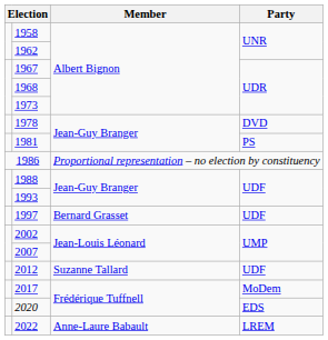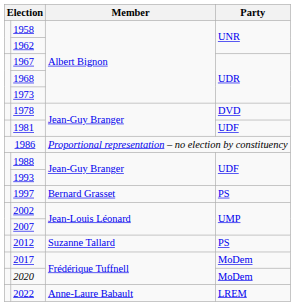 <table class="wikitable">
 <tr>
 <th colspan="2">Election</th>
 <th>Member</th>
 <th>Party</th>
 </tr>
 <tr>
 <td rowspan="2" style="color:inherit;background-color: "></td>
 <td><a href='#'>1958</a></td>
 <td rowspan="5"><a href='#'>Albert Bignon</a></td>
 <td rowspan="2"><a href='#'>UNR</a></td>
 </tr>
 <tr>
 <td><a href='#'>1962</a></td>
 </tr>
 <tr>
 <td rowspan="3" style="color:inherit;background-color: "></td>
 <td><a href='#'>1967</a></td>
 <td rowspan="3"><a href='#'>UDR</a></td>
 </tr>
 <tr>
 <td><a href='#'>1968</a></td>
 </tr>
 <tr>
 <td><a href='#'>1973</a></td>
 </tr>
 <tr>
 <td style="color:inherit;background-color: "></td>
 <td><a href='#'>1978</a></td>
 <td rowspan="2"><a href='#'>Jean-Guy Branger</a></td>
 <td><a href='#'>DVD</a></td>
 </tr>
 <tr>
 <td style="color:inherit;background-color: "></td>
 <td><a href='#'>1981</a></td>
-<td><a href='#'>PS</a></td>
+<td><a href='#'>UDF</a></td>
 </tr>
 <tr>
 <td colspan="2" align="center"><a href='#'>1986</a></td>
 <td colspan="2"><em><a href='#'>Proportional representation</a> – no election by constituency</em></td>
 </tr>
 <tr>
 <td rowspan="2" style="color:inherit;background-color: "></td>
 <td><a href='#'>1988</a></td>
 <td rowspan="2"><a href='#'>Jean-Guy Branger</a></td>
 <td rowspan="2"><a href='#'>UDF</a></td>
 </tr>
 <tr>
 <td><a href='#'>1993</a></td>
 </tr>
 <tr>
 <td style="color:inherit;background-color: "></td>
 <td><a href='#'>1997</a></td>
 <td><a href='#'>Bernard Grasset</a></td>
-<td><a href='#'>UDF</a></td>
+<td><a href='#'>PS</a></td>
 </tr>
 <tr>
 <td rowspan="2" style="color:inherit;background-color: "></td>
 <td><a href='#'>2002</a></td>
 <td rowspan="2"><a href='#'>Jean-Louis Léonard</a></td>
 <td rowspan="2"><a href='#'>UMP</a></td>
 </tr>
 <tr>
 <td><a href='#'>2007</a></td>
 </tr>
 <tr>
 <td style="color:inherit;background-color: "></td>
 <td><a href='#'>2012</a></td>
 <td><a href='#'>Suzanne Tallard</a></td>
-<td><a href='#'>UDF</a></td>
+<td><a href='#'>PS</a></td>
 </tr>
 <tr>
 <td style="color:inherit;background-color: "></td>
 <td><a href='#'>2017</a></td>
 <td rowspan=2><a href='#'>Frédérique Tuffnell</a></td>
 <td><a href='#'>MoDem</a></td>
 </tr>
 <tr>
 <td style="color:inherit;background-color: "></td>
 <td><em>2020</em></td>
-<td><a href='#'>EDS</a></td>
+<td><a href='#'>MoDem</a></td>
 </tr>
 <tr>
 <td style="color:inherit;background-color: "></td>
 <td><a href='#'>2022</a></td>
 <td><a href='#'>Anne-Laure Babault</a></td>
 <td><a href='#'>LREM</a></td>
 </tr>
 </table>
